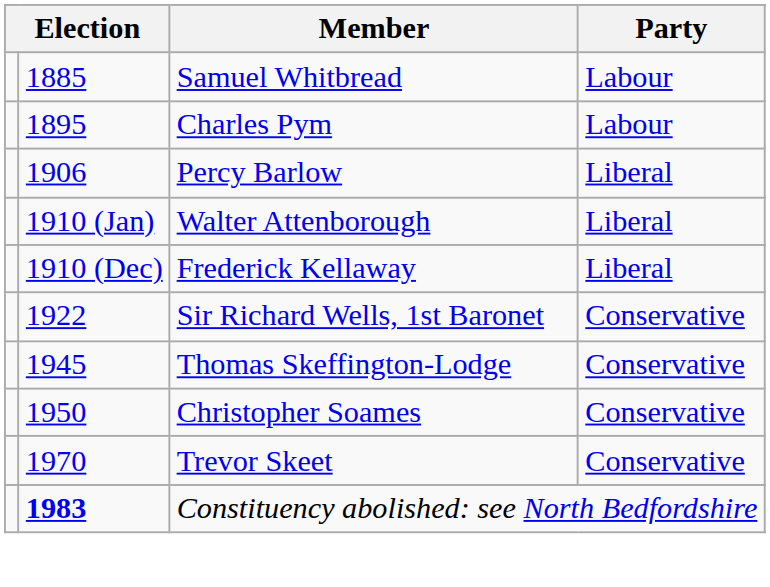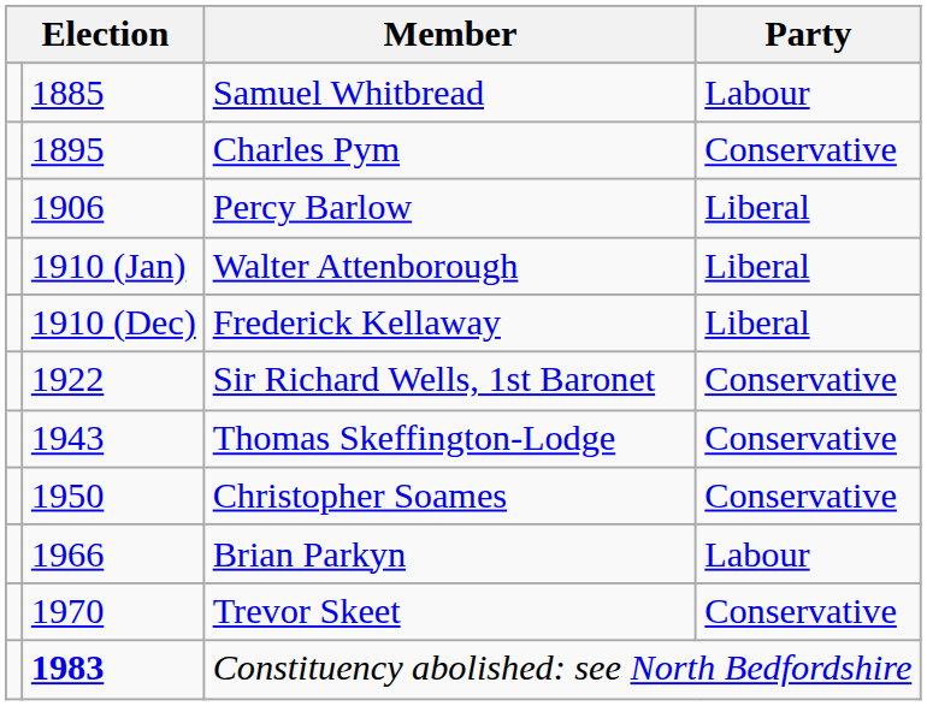 <table class="wikitable">
 <tr>
 <th colspan="2">Election</th>
 <th>Member</th>
 <th>Party</th>
 </tr>
 <tr>
 <td style="color:inherit;background-color: "></td>
 <td><a href='#'>1885</a></td>
 <td><a href='#'>Samuel Whitbread</a></td>
 <td><a href='#'>Labour</a></td>
 </tr>
 <tr>
 <td style="color:inherit;background-color: "></td>
 <td><a href='#'>1895</a></td>
 <td><a href='#'>Charles Pym</a></td>
-<td><a href='#'>Labour</a></td>
+<td><a href='#'>Conservative</a></td>
 </tr>
 <tr>
 <td style="color:inherit;background-color: "></td>
 <td><a href='#'>1906</a></td>
 <td><a href='#'>Percy Barlow</a></td>
 <td><a href='#'>Liberal</a></td>
 </tr>
 <tr>
 <td style="color:inherit;background-color: "></td>
 <td><a href='#'>1910 (Jan)</a></td>
 <td><a href='#'>Walter Attenborough</a></td>
 <td><a href='#'>Liberal</a></td>
 </tr>
 <tr>
 <td style="color:inherit;background-color: "></td>
 <td><a href='#'>1910 (Dec)</a></td>
 <td><a href='#'>Frederick Kellaway</a></td>
 <td><a href='#'>Liberal</a></td>
 </tr>
 <tr>
 <td style="color:inherit;background-color: "></td>
 <td><a href='#'>1922</a></td>
 <td><a href='#'>Sir Richard Wells, 1st Baronet</a></td>
 <td><a href='#'>Conservative</a></td>
 </tr>
 <tr>
 <td style="color:inherit;background-color: "></td>
-<td><a href='#'>1945</a></td>
+<td><a href='#'>1943</a></td>
 <td><a href='#'>Thomas Skeffington-Lodge</a></td>
 <td><a href='#'>Conservative</a></td>
 </tr>
 <tr>
 <td style="color:inherit;background-color: "></td>
 <td><a href='#'>1950</a></td>
 <td><a href='#'>Christopher Soames</a></td>
 <td><a href='#'>Conservative</a></td>
+</tr>
+<tr>
+<td style="color:inherit;background-color: "></td>
+<td><a href='#'>1966</a></td>
+<td><a href='#'>Brian Parkyn</a></td>
+<td><a href='#'>Labour</a></td>
 </tr>
 <tr>
 <td style="color:inherit;background-color: "></td>
 <td><a href='#'>1970</a></td>
 <td><a href='#'>Trevor Skeet</a></td>
 <td><a href='#'>Conservative</a></td>
 </tr>
 <tr>
 <td></td>
 <td><strong><a href='#'>1983</a></strong></td>
 <td colspan="2"><em>Constituency abolished: see <a href='#'>North Bedfordshire</a></em></td>
 </tr>
 </table>
